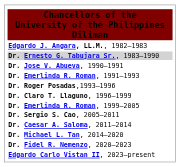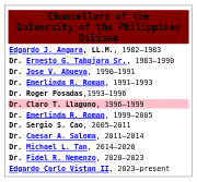 <table style="float:right; margin:1em 1em 1em 1em; width:20em; border: 1px solid #a0a0a0; padding: 2px; bg-color=yellow; text-align:right;">
 <tr style="text-align:center;">
 </tr>
 <tr bgcolor="#800000" align="center">
 <td><span><strong>Chancellors of the<br>University of the Philippines Diliman</strong></span></td>
 </tr>
 <tr style="text-align:left; font-size:x-small;">
 <td><strong><a href='#'>Edgardo J. Angara</a>, LL.M.</strong>, 1982–1983</td>
 </tr>
 <tr style="text-align:left; font-size:x-small;">
-<td style="background: lightgrey;"><strong>Dr. <a href='#'>Ernesto G. Tabujara Sr.</a></strong>, 1983–1990</td>
+<td><strong>Dr. <a href='#'>Ernesto G. Tabujara Sr.</a></strong>, 1983–1990</td>
 </tr>
 <tr style="text-align:left; font-size:x-small;">
 <td><strong>Dr. <a href='#'>Jose V. Abueva</a></strong>, 1990–1991</td>
 </tr>
 <tr style="text-align:left; font-size:x-small;">
 <td><strong>Dr. <a href='#'>Emerlinda R. Roman</a></strong>, 1991–1993</td>
 </tr>
 <tr style="text-align:left; font-size:x-small;">
 <td><strong>Dr. Roger Posadas</strong>,1993–1996</td>
 </tr>
 <tr style="text-align:left; font-size:x-small;">
-<td><strong>Dr. Claro T. Llaguno</strong>, 1996–1999</td>
+<td style="background: pink;"><strong>Dr. Claro T. Llaguno</strong>, 1996–1999</td>
 </tr>
 <tr style="text-align:left; font-size:x-small;">
 <td><strong>Dr. <a href='#'>Emerlinda R. Roman</a></strong>, 1999–2005</td>
 </tr>
 <tr style="text-align:left; font-size:x-small;">
 <td><strong>Dr. Sergio S. Cao</strong>, 2005–2011</td>
 </tr>
 <tr style="text-align:left; font-size:x-small;">
 <td><strong>Dr. <a href='#'>Caesar A. Saloma</a></strong>, 2011–2014</td>
 </tr>
 <tr style="text-align:left; font-size:x-small;">
 <td><strong>Dr. <a href='#'>Michael L. Tan</a></strong>, 2014–2020</td>
 </tr>
 <tr style="text-align:left; font-size:x-small;">
 <td><strong>Dr. <a href='#'>Fidel R. Nemenzo</a></strong>, 2020–2023</td>
 </tr>
 <tr style="text-align:left; font-size:x-small;">
 <td><strong><a href='#'>Edgardo Carlo Vistan II</a></strong>, 2023–present</td>
 </tr>
 </table>
